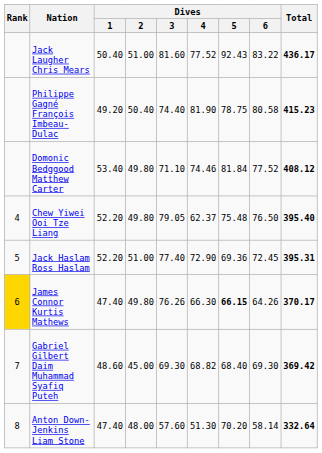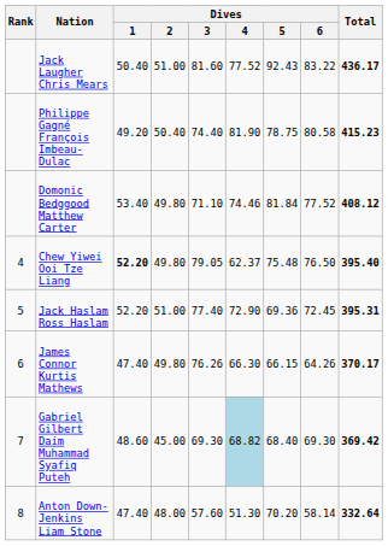 <table class="wikitable" width="75%">
 <tr>
 <th rowspan="2" width="7%">Rank</th>
 <th rowspan="2" width="20%">Nation</th>
 <th colspan="6">Dives</th>
 <th rowspan="2" width="9%">Total</th>
 </tr>
 <tr>
 <th width="9%">1</th>
 <th width="9%">2</th>
 <th width="9%">3</th>
 <th width="9%">4</th>
 <th width="9%">5</th>
 <th width="9%">6</th>
 </tr>
 <tr align=center>
 <td></td>
 <td align=left><br><a href='#'>Jack Laugher</a><br><a href='#'>Chris Mears</a></td>
 <td>50.40</td>
 <td>51.00</td>
 <td>81.60</td>
 <td>77.52</td>
 <td>92.43</td>
 <td>83.22</td>
 <td><strong>436.17</strong></td>
 </tr>
 <tr align=center>
 <td></td>
 <td align=left><br><a href='#'>Philippe Gagné</a><br><a href='#'>François Imbeau-Dulac</a></td>
 <td>49.20</td>
 <td>50.40</td>
 <td>74.40</td>
 <td>81.90</td>
 <td>78.75</td>
 <td>80.58</td>
 <td><strong>415.23</strong></td>
 </tr>
 <tr align=center>
 <td></td>
 <td align=left><br><a href='#'>Domonic Bedggood</a><br><a href='#'>Matthew Carter</a></td>
 <td>53.40</td>
 <td>49.80</td>
 <td>71.10</td>
 <td>74.46</td>
 <td>81.84</td>
 <td>77.52</td>
 <td><strong>408.12</strong></td>
 </tr>
 <tr align=center>
 <td>4</td>
 <td align=left><br><a href='#'>Chew Yiwei</a><br><a href='#'>Ooi Tze Liang</a></td>
-<td>52.20</td>
+<td><strong>52.20</strong></td>
 <td>49.80</td>
 <td>79.05</td>
 <td>62.37</td>
 <td>75.48</td>
 <td>76.50</td>
 <td><strong>395.40</strong></td>
 </tr>
 <tr align=center>
 <td>5</td>
 <td align=left><br><a href='#'>Jack Haslam</a><br><a href='#'>Ross Haslam</a></td>
 <td>52.20</td>
 <td>51.00</td>
 <td>77.40</td>
 <td>72.90</td>
 <td>69.36</td>
 <td>72.45</td>
 <td><strong>395.31</strong></td>
 </tr>
 <tr align=center>
-<td style="background: gold;">6</td>
+<td>6</td>
 <td align=left><br><a href='#'>James Connor</a><br><a href='#'>Kurtis Mathews</a></td>
 <td>47.40</td>
 <td>49.80</td>
 <td>76.26</td>
 <td>66.30</td>
-<td><strong>66.15</strong></td>
+<td>66.15</td>
 <td>64.26</td>
 <td><strong>370.17</strong></td>
 </tr>
 <tr align=center>
 <td>7</td>
 <td align=left><br><a href='#'>Gabriel Gilbert Daim</a><br><a href='#'>Muhammad Syafiq Puteh</a></td>
 <td>48.60</td>
 <td>45.00</td>
 <td>69.30</td>
-<td>68.82</td>
+<td style="background: lightblue;">68.82</td>
 <td>68.40</td>
 <td>69.30</td>
 <td><strong>369.42</strong></td>
 </tr>
 <tr align=center>
 <td>8</td>
 <td align=left><br><a href='#'>Anton Down-Jenkins</a><br><a href='#'>Liam Stone</a></td>
 <td>47.40</td>
 <td>48.00</td>
 <td>57.60</td>
 <td>51.30</td>
 <td>70.20</td>
 <td>58.14</td>
 <td><strong>332.64</strong></td>
 </tr>
 </table>
